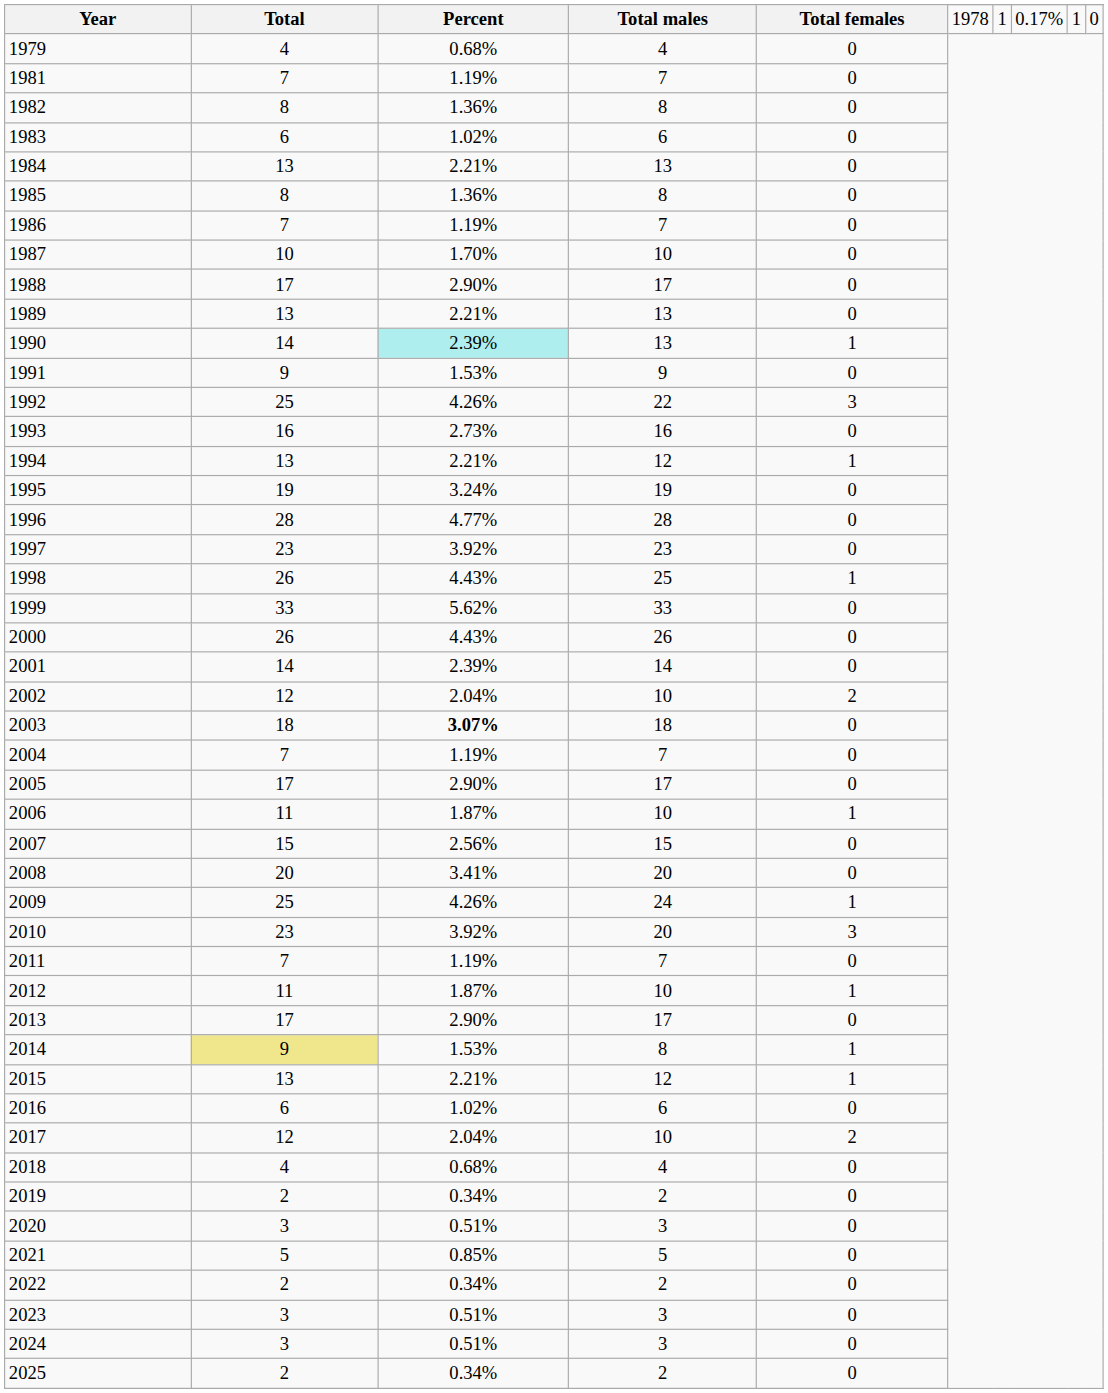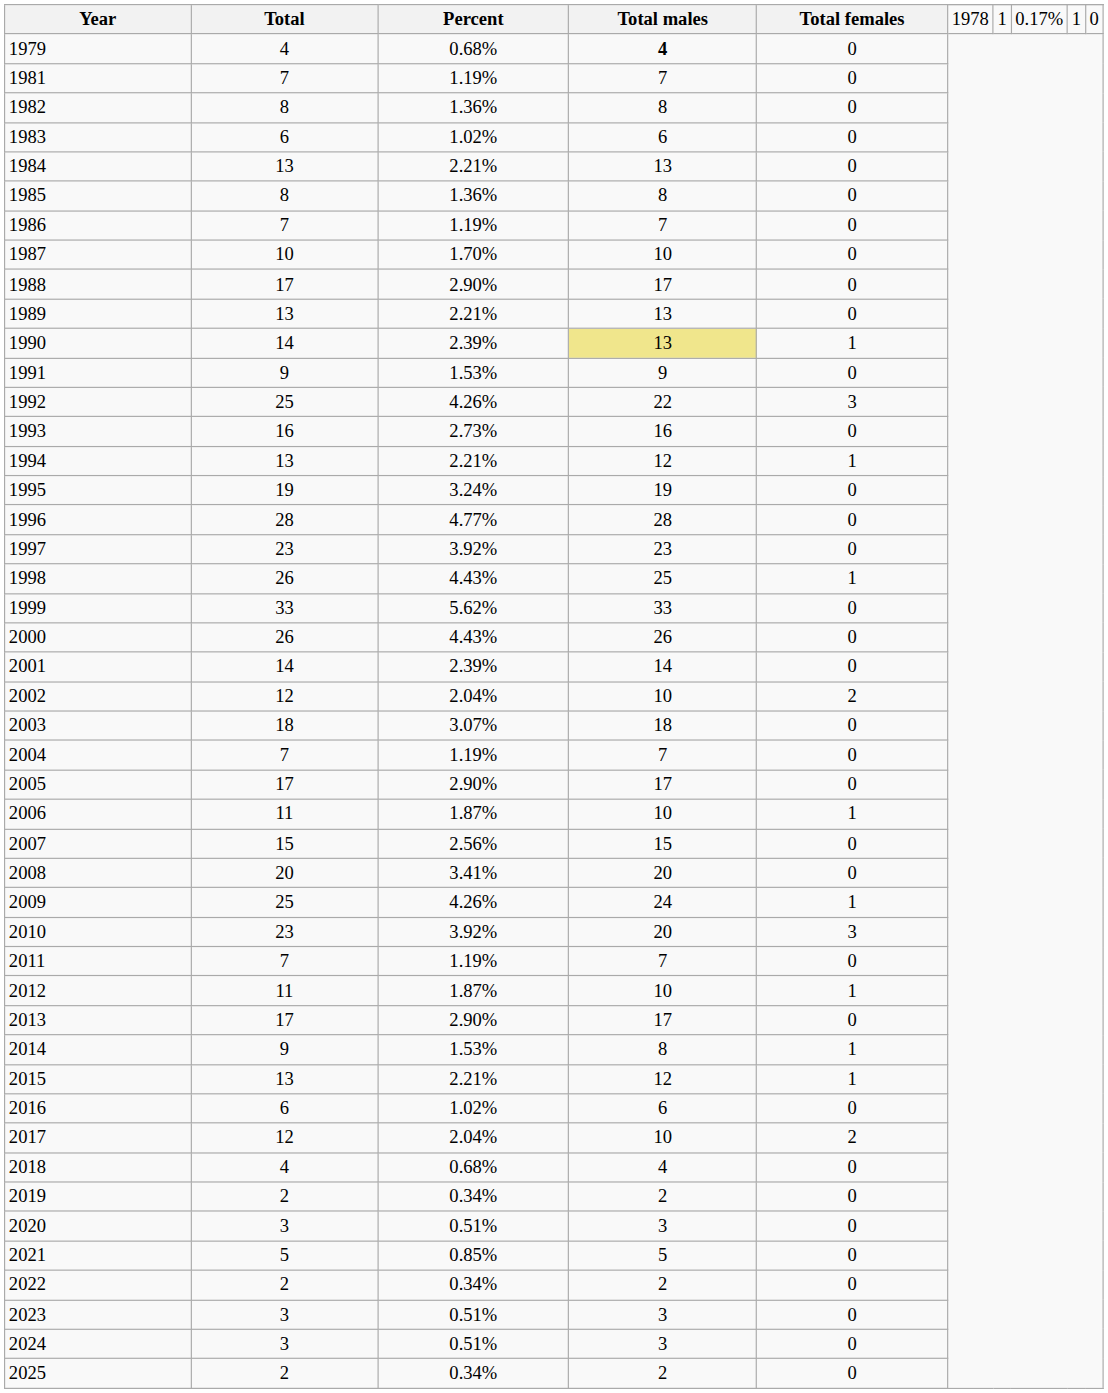 <table class="wikitable sortable" style="width:75%;">
 <tr>
 <th rowspan=2 style="width:20%;">Year</th>
 <th rowspan=2 style="width:20%;">Total</th>
 <th rowspan=2 style="width:20%;">Percent</th>
 <th rowspan=2 style="width:20%;">Total males</th>
 <th rowspan=2 style="width:20%;">Total females</th>
 </tr>
 <tr>
 <td>1978</td>
 <td align=center>1</td>
 <td align=center>0.17%</td>
 <td align=center>1</td>
 <td align=center>0</td>
 </tr>
 <tr>
 <td>1979</td>
 <td align=center>4</td>
 <td align=center>0.68%</td>
-<td align=center>4</td>
+<td align=center><strong>4</strong></td>
 <td align=center>0</td>
 </tr>
 <tr>
 <td>1981</td>
 <td align=center>7</td>
 <td align=center>1.19%</td>
 <td align=center>7</td>
 <td align=center>0</td>
 </tr>
 <tr>
 <td>1982</td>
 <td align=center>8</td>
 <td align=center>1.36%</td>
 <td align=center>8</td>
 <td align=center>0</td>
 </tr>
 <tr>
 <td>1983</td>
 <td align=center>6</td>
 <td align=center>1.02%</td>
 <td align=center>6</td>
 <td align=center>0</td>
 </tr>
 <tr>
 <td>1984</td>
 <td align=center>13</td>
 <td align=center>2.21%</td>
 <td align=center>13</td>
 <td align=center>0</td>
 </tr>
 <tr>
 <td>1985</td>
 <td align=center>8</td>
 <td align=center>1.36%</td>
 <td align=center>8</td>
 <td align=center>0</td>
 </tr>
 <tr>
 <td>1986</td>
 <td align=center>7</td>
 <td align=center>1.19%</td>
 <td align=center>7</td>
 <td align=center>0</td>
 </tr>
 <tr>
 <td>1987</td>
 <td align=center>10</td>
 <td align=center>1.70%</td>
 <td align=center>10</td>
 <td align=center>0</td>
 </tr>
 <tr>
 <td>1988</td>
 <td align=center>17</td>
 <td align=center>2.90%</td>
 <td align=center>17</td>
 <td align=center>0</td>
 </tr>
 <tr>
 <td>1989</td>
 <td align=center>13</td>
 <td align=center>2.21%</td>
 <td align=center>13</td>
 <td align=center>0</td>
 </tr>
 <tr>
 <td>1990</td>
 <td align=center>14</td>
-<td align=center style="background: paleturquoise;">2.39%</td>
-<td align=center>13</td>
+<td align=center>2.39%</td>
+<td align=center style="background: khaki;">13</td>
 <td align=center>1</td>
 </tr>
 <tr>
 <td>1991</td>
 <td align=center>9</td>
 <td align=center>1.53%</td>
 <td align=center>9</td>
 <td align=center>0</td>
 </tr>
 <tr>
 <td>1992</td>
 <td align=center>25</td>
 <td align=center>4.26%</td>
 <td align=center>22</td>
 <td align=center>3</td>
 </tr>
 <tr>
 <td>1993</td>
 <td align=center>16</td>
 <td align=center>2.73%</td>
 <td align=center>16</td>
 <td align=center>0</td>
 </tr>
 <tr>
 <td>1994</td>
 <td align=center>13</td>
 <td align=center>2.21%</td>
 <td align=center>12</td>
 <td align=center>1</td>
 </tr>
 <tr>
 <td>1995</td>
 <td align=center>19</td>
 <td align=center>3.24%</td>
 <td align=center>19</td>
 <td align=center>0</td>
 </tr>
 <tr>
 <td>1996</td>
 <td align=center>28</td>
 <td align=center>4.77%</td>
 <td align=center>28</td>
 <td align=center>0</td>
 </tr>
 <tr>
 <td>1997</td>
 <td align=center>23</td>
 <td align=center>3.92%</td>
 <td align=center>23</td>
 <td align=center>0</td>
 </tr>
 <tr>
 <td>1998</td>
 <td align=center>26</td>
 <td align=center>4.43%</td>
 <td align=center>25</td>
 <td align=center>1</td>
 </tr>
 <tr>
 <td>1999</td>
 <td align=center>33</td>
 <td align=center>5.62%</td>
 <td align=center>33</td>
 <td align=center>0</td>
 </tr>
 <tr>
 <td>2000</td>
 <td align=center>26</td>
 <td align=center>4.43%</td>
 <td align=center>26</td>
 <td align=center>0</td>
 </tr>
 <tr>
 <td>2001</td>
 <td align=center>14</td>
 <td align=center>2.39%</td>
 <td align=center>14</td>
 <td align=center>0</td>
 </tr>
 <tr>
 <td>2002</td>
 <td align=center>12</td>
 <td align=center>2.04%</td>
 <td align=center>10</td>
 <td align=center>2</td>
 </tr>
 <tr>
 <td>2003</td>
 <td align=center>18</td>
-<td align=center><strong>3.07%</strong></td>
+<td align=center>3.07%</td>
 <td align=center>18</td>
 <td align=center>0</td>
 </tr>
 <tr>
 <td>2004</td>
 <td align=center>7</td>
 <td align=center>1.19%</td>
 <td align=center>7</td>
 <td align=center>0</td>
 </tr>
 <tr>
 <td>2005</td>
 <td align=center>17</td>
 <td align=center>2.90%</td>
 <td align=center>17</td>
 <td align=center>0</td>
 </tr>
 <tr>
 <td>2006</td>
 <td align=center>11</td>
 <td align=center>1.87%</td>
 <td align=center>10</td>
 <td align=center>1</td>
 </tr>
 <tr>
 <td>2007</td>
 <td align=center>15</td>
 <td align=center>2.56%</td>
 <td align=center>15</td>
 <td align=center>0</td>
 </tr>
 <tr>
 <td>2008</td>
 <td align=center>20</td>
 <td align=center>3.41%</td>
 <td align=center>20</td>
 <td align=center>0</td>
 </tr>
 <tr>
 <td>2009</td>
 <td align=center>25</td>
 <td align=center>4.26%</td>
 <td align=center>24</td>
 <td align=center>1</td>
 </tr>
 <tr>
 <td>2010</td>
 <td align=center>23</td>
 <td align=center>3.92%</td>
 <td align=center>20</td>
 <td align=center>3</td>
 </tr>
 <tr>
 <td>2011</td>
 <td align=center>7</td>
 <td align=center>1.19%</td>
 <td align=center>7</td>
 <td align=center>0</td>
 </tr>
 <tr>
 <td>2012</td>
 <td align=center>11</td>
 <td align=center>1.87%</td>
 <td align=center>10</td>
 <td align=center>1</td>
 </tr>
 <tr>
 <td>2013</td>
 <td align=center>17</td>
 <td align=center>2.90%</td>
 <td align=center>17</td>
 <td align=center>0</td>
 </tr>
 <tr>
 <td>2014</td>
-<td align=center style="background: khaki;">9</td>
+<td align=center>9</td>
 <td align=center>1.53%</td>
 <td align=center>8</td>
 <td align=center>1</td>
 </tr>
 <tr>
 <td>2015</td>
 <td align=center>13</td>
 <td align=center>2.21%</td>
 <td align=center>12</td>
 <td align=center>1</td>
 </tr>
 <tr>
 <td>2016</td>
 <td align=center>6</td>
 <td align=center>1.02%</td>
 <td align=center>6</td>
 <td align=center>0</td>
 </tr>
 <tr>
 <td>2017</td>
 <td align=center>12</td>
 <td align=center>2.04%</td>
 <td align=center>10</td>
 <td align=center>2</td>
 </tr>
 <tr>
 <td>2018</td>
 <td align=center>4</td>
 <td align=center>0.68%</td>
 <td align=center>4</td>
 <td align=center>0</td>
 </tr>
 <tr>
 <td>2019</td>
 <td align=center>2</td>
 <td align=center>0.34%</td>
 <td align=center>2</td>
 <td align=center>0</td>
 </tr>
 <tr>
 <td>2020</td>
 <td align=center>3</td>
 <td align=center>0.51%</td>
 <td align=center>3</td>
 <td align=center>0</td>
 </tr>
 <tr>
 <td>2021</td>
 <td align=center>5</td>
 <td align=center>0.85%</td>
 <td align=center>5</td>
 <td align=center>0</td>
 </tr>
 <tr>
 <td>2022</td>
 <td align=center>2</td>
 <td align=center>0.34%</td>
 <td align=center>2</td>
 <td align=center>0</td>
 </tr>
 <tr>
 <td>2023</td>
 <td align=center>3</td>
 <td align=center>0.51%</td>
 <td align=center>3</td>
 <td align=center>0</td>
 </tr>
 <tr>
 <td>2024</td>
 <td align=center>3</td>
 <td align=center>0.51%</td>
 <td align=center>3</td>
 <td align=center>0</td>
 </tr>
 <tr>
 <td>2025</td>
 <td align=center>2</td>
 <td align=center>0.34%</td>
 <td align=center>2</td>
 <td align=center>0</td>
 </tr>
 <tr>
 </tr>
 </table>
